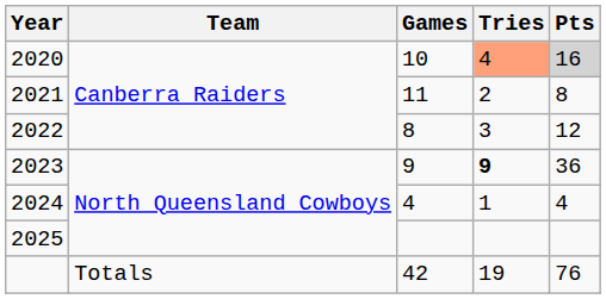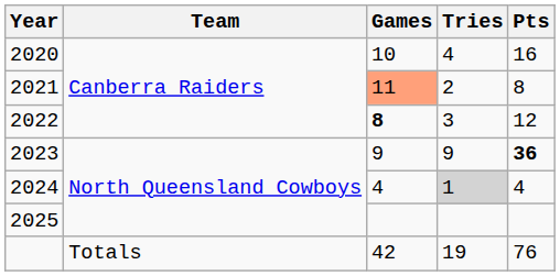 <table class="wikitable">
 <tr>
 <th>Year</th>
 <th>Team</th>
 <th>Games</th>
 <th>Tries</th>
 <th>Pts</th>
 </tr>
 <tr>
 <td>2020</td>
 <td rowspan="3"> <a href='#'>Canberra Raiders</a></td>
 <td>10</td>
-<td style="background: lightsalmon;">4</td>
-<td style="background: lightgrey;">16</td>
+<td>4</td>
+<td>16</td>
 </tr>
 <tr>
 <td>2021</td>
-<td>11</td>
+<td style="background: lightsalmon;">11</td>
 <td>2</td>
 <td>8</td>
 </tr>
 <tr>
 <td>2022</td>
-<td>8</td>
+<td><strong>8</strong></td>
 <td>3</td>
 <td>12</td>
 </tr>
 <tr>
 <td>2023</td>
 <td rowspan="3"> <a href='#'>North Queensland Cowboys</a></td>
 <td>9</td>
-<td><strong>9</strong></td>
-<td>36</td>
+<td>9</td>
+<td><strong>36</strong></td>
 </tr>
 <tr>
 <td>2024</td>
 <td>4</td>
-<td>1</td>
+<td style="background: lightgrey;">1</td>
 <td>4</td>
 </tr>
 <tr>
 <td>2025</td>
 <td></td>
 <td></td>
 <td></td>
 </tr>
 <tr>
 <td></td>
 <td>Totals</td>
 <td>42</td>
 <td>19</td>
 <td>76</td>
 </tr>
 </table>
